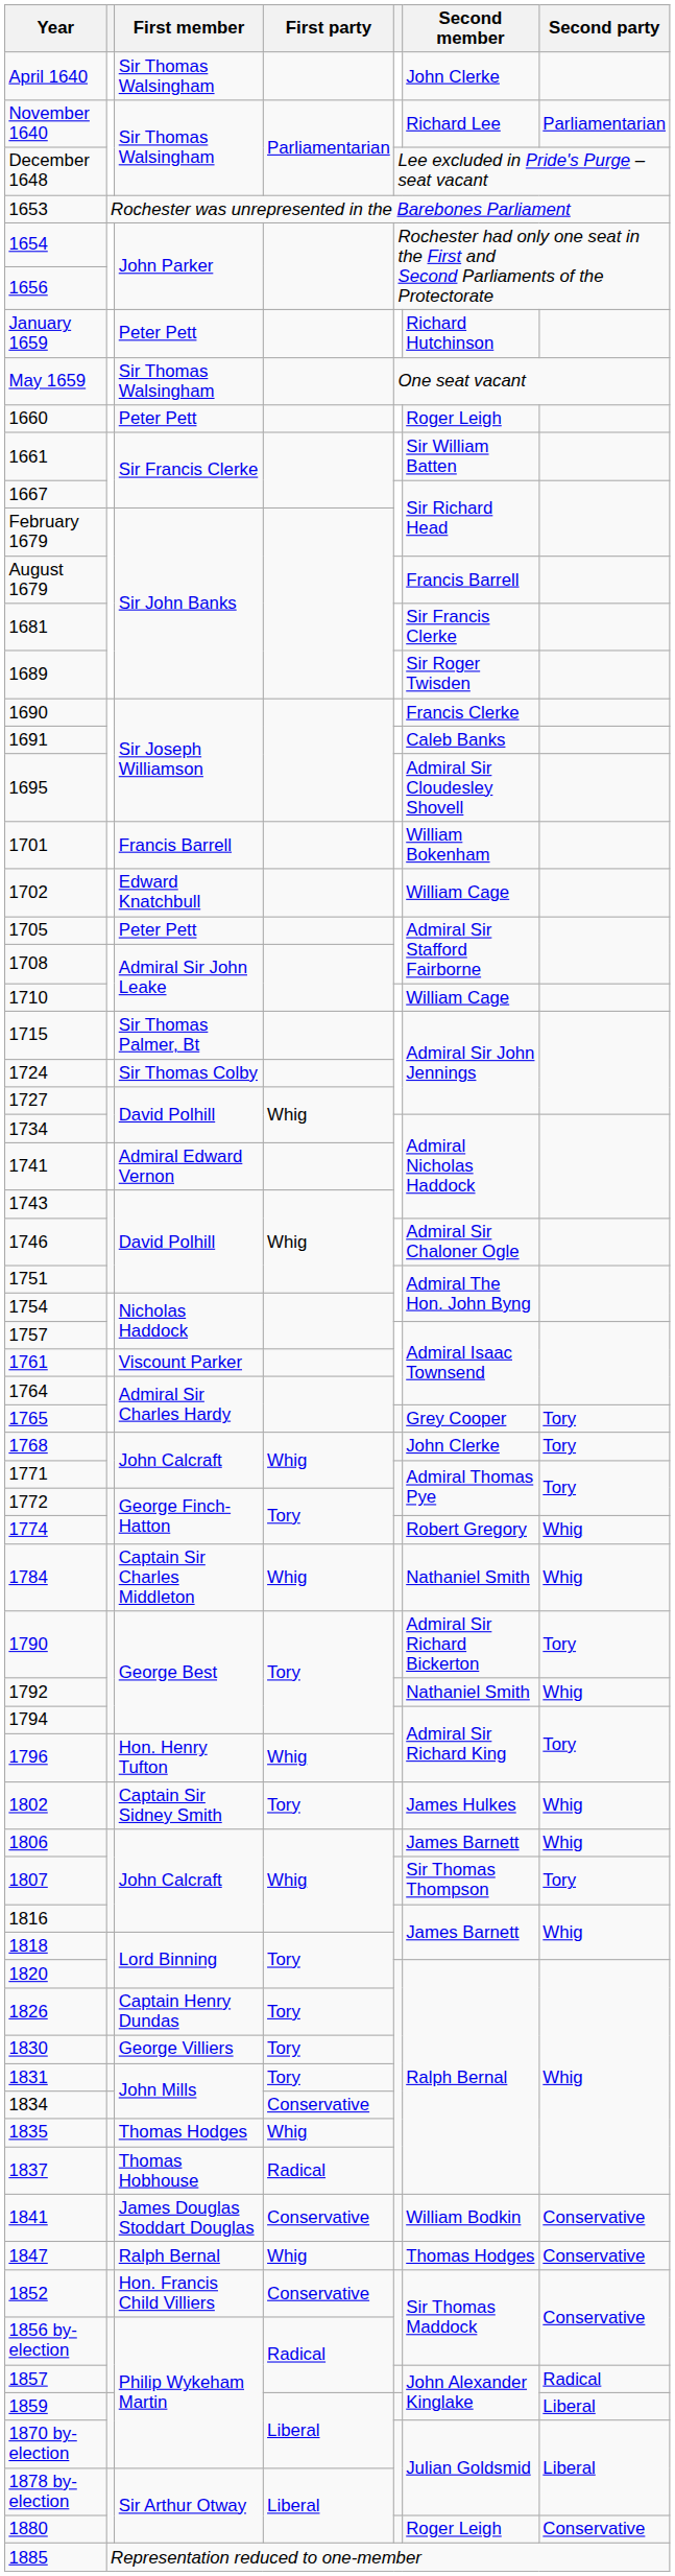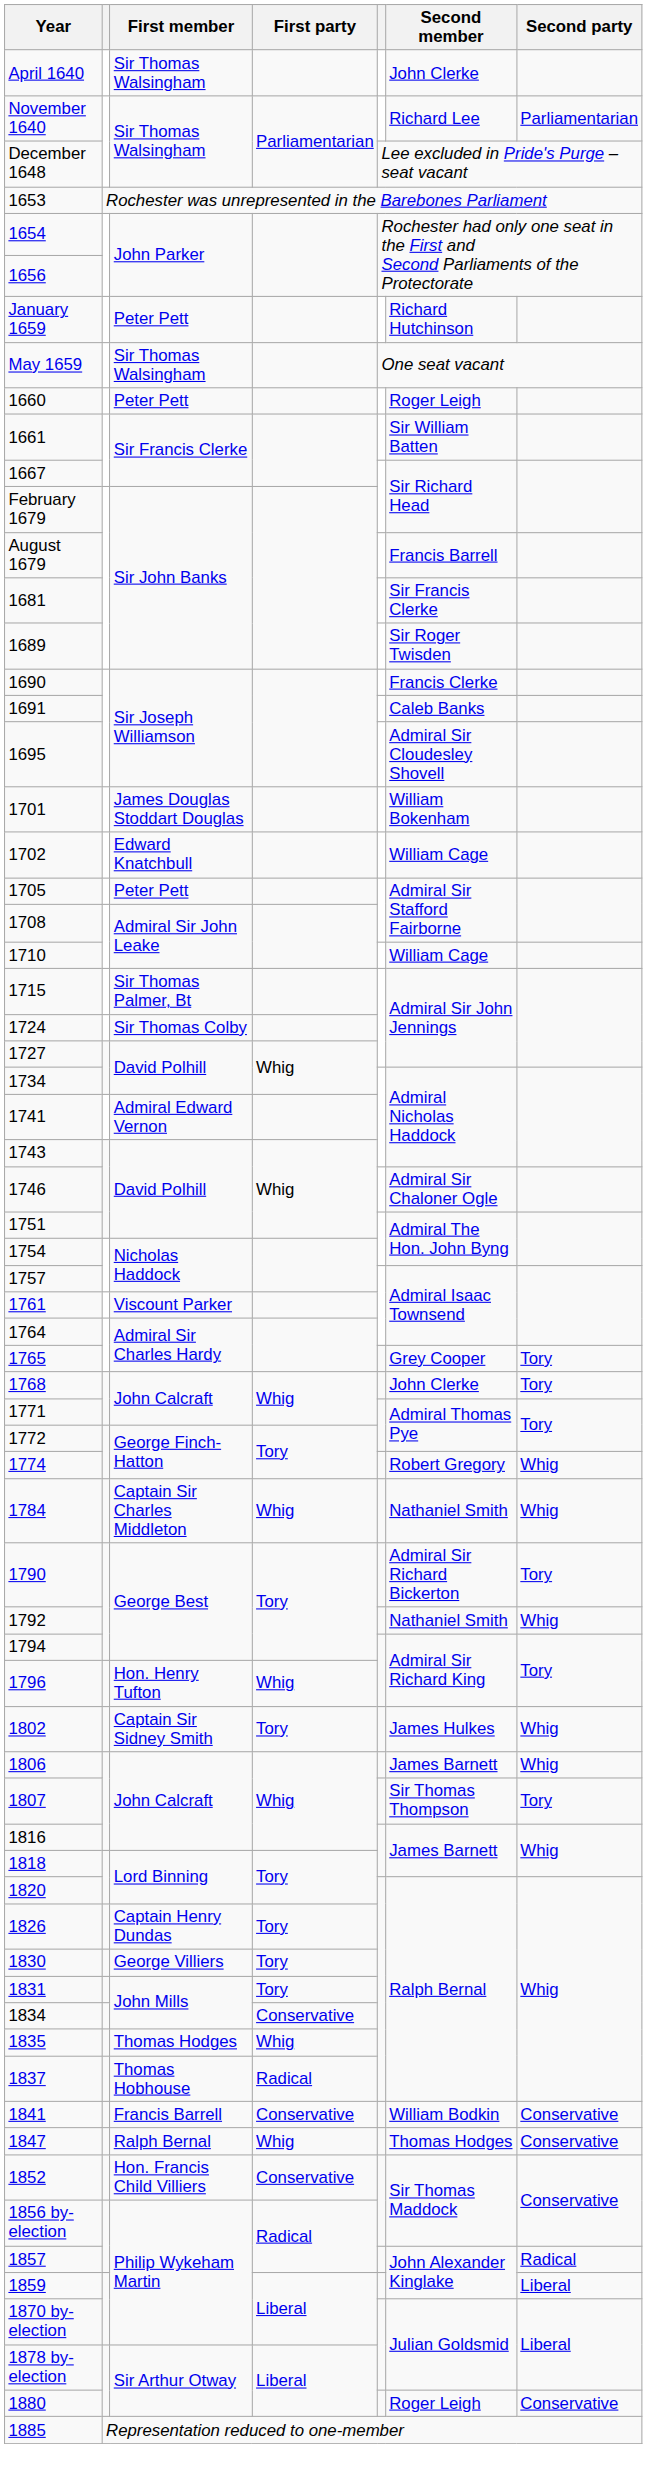 <table class="wikitable">
 <tr>
 <th>Year</th>
 <th></th>
 <th>First member</th>
 <th>First party</th>
 <th></th>
 <th>Second member</th>
 <th>Second party</th>
 </tr>
 <tr>
 <td><a href='#'>April 1640</a></td>
 <td style="color:inherit;background-color: white"></td>
 <td><a href='#'>Sir Thomas Walsingham</a></td>
 <td></td>
 <td style="color:inherit;background-color: white"></td>
 <td><a href='#'>John Clerke</a></td>
 <td></td>
 </tr>
 <tr>
 <td><a href='#'>November 1640</a></td>
 <td rowspan="2" style="color:inherit;background-color: white"></td>
 <td rowspan="2"><a href='#'>Sir Thomas Walsingham</a></td>
 <td rowspan="2"><a href='#'>Parliamentarian</a></td>
 <td style="color:inherit;background-color: white"></td>
 <td><a href='#'>Richard Lee</a></td>
 <td><a href='#'>Parliamentarian</a></td>
 </tr>
 <tr>
 <td>December 1648</td>
 <td colspan="3"><em>Lee excluded in <a href='#'>Pride's Purge</a> – seat vacant</em></td>
 </tr>
 <tr>
 <td>1653</td>
 <td colspan="6"><em>Rochester was unrepresented in the <a href='#'>Barebones Parliament</a></em></td>
 </tr>
 <tr>
 <td><a href='#'>1654</a></td>
 <td rowspan="2" style="color:inherit;background-color: white"></td>
 <td rowspan="2"><a href='#'>John Parker</a></td>
 <td rowspan="2"></td>
 <td rowspan="2" colspan="3"><em>Rochester had only one seat in the <a href='#'>First</a> and <br><a href='#'>Second</a> Parliaments of the Protectorate</em></td>
 </tr>
 <tr>
 <td><a href='#'>1656</a></td>
 </tr>
 <tr>
 <td><a href='#'>January 1659</a></td>
 <td style="color:inherit;background-color: white"></td>
 <td><a href='#'>Peter Pett</a></td>
 <td></td>
 <td style="color:inherit;background-color: white"></td>
 <td><a href='#'>Richard Hutchinson</a></td>
 <td></td>
 </tr>
 <tr>
 <td><a href='#'>May 1659</a></td>
 <td style="color:inherit;background-color: white"></td>
 <td><a href='#'>Sir Thomas Walsingham</a></td>
 <td></td>
 <td colspan="3"><em>One seat vacant</em></td>
 </tr>
 <tr>
 <td>1660</td>
 <td style="color:inherit;background-color: white"></td>
 <td><a href='#'>Peter Pett</a></td>
 <td></td>
 <td style="color:inherit;background-color: white"></td>
 <td><a href='#'>Roger Leigh</a></td>
 <td></td>
 </tr>
 <tr>
 <td>1661</td>
 <td rowspan="2" style="color:inherit;background-color: white"></td>
 <td rowspan="2"><a href='#'>Sir Francis Clerke</a></td>
 <td rowspan="2"></td>
 <td style="color:inherit;background-color: white"></td>
 <td><a href='#'>Sir William Batten</a></td>
 <td></td>
 </tr>
 <tr>
 <td>1667</td>
 <td rowspan="2" style="color:inherit;background-color: white"></td>
 <td rowspan="2"><a href='#'>Sir Richard Head</a></td>
 <td rowspan="2"></td>
 </tr>
 <tr>
 <td>February 1679</td>
 <td rowspan="4" style="color:inherit;background-color: white"></td>
 <td rowspan="4"><a href='#'>Sir John Banks</a></td>
 <td rowspan="4"></td>
 </tr>
 <tr>
 <td>August 1679</td>
 <td style="color:inherit;background-color: white"></td>
 <td><a href='#'>Francis Barrell</a></td>
 <td></td>
 </tr>
 <tr>
 <td>1681</td>
 <td style="color:inherit;background-color: white"></td>
 <td><a href='#'>Sir Francis Clerke</a></td>
 <td></td>
 </tr>
 <tr>
 <td>1689</td>
 <td style="color:inherit;background-color: white"></td>
 <td><a href='#'>Sir Roger Twisden</a></td>
 <td></td>
 </tr>
 <tr>
 <td>1690</td>
 <td rowspan="3" style="color:inherit;background-color: white"></td>
 <td rowspan="3"><a href='#'>Sir Joseph Williamson</a></td>
 <td rowspan="3"></td>
 <td style="color:inherit;background-color: white"></td>
 <td><a href='#'>Francis Clerke</a></td>
 <td></td>
 </tr>
 <tr>
 <td>1691</td>
 <td style="color:inherit;background-color: white"></td>
 <td><a href='#'>Caleb Banks</a></td>
 <td></td>
 </tr>
 <tr>
 <td>1695</td>
 <td style="color:inherit;background-color: white"></td>
 <td><a href='#'>Admiral Sir Cloudesley Shovell</a></td>
 <td></td>
 </tr>
 <tr>
 <td>1701</td>
 <td style="color:inherit;background-color: white"></td>
-<td><a href='#'>Francis Barrell</a></td>
+<td><a href='#'>James Douglas Stoddart Douglas</a></td>
 <td></td>
 <td style="color:inherit;background-color: white"></td>
 <td><a href='#'>William Bokenham</a></td>
 <td></td>
 </tr>
 <tr>
 <td>1702</td>
 <td style="color:inherit;background-color: white"></td>
 <td><a href='#'>Edward Knatchbull</a></td>
 <td></td>
 <td style="color:inherit;background-color: white"></td>
 <td><a href='#'>William Cage</a></td>
 <td></td>
 </tr>
 <tr>
 <td>1705</td>
 <td style="color:inherit;background-color: white"></td>
 <td><a href='#'>Peter Pett</a></td>
 <td></td>
 <td rowspan="2" style="color:inherit;background-color: white"></td>
 <td rowspan="2"><a href='#'>Admiral Sir Stafford Fairborne</a></td>
 <td rowspan="2"></td>
 </tr>
 <tr>
 <td>1708</td>
 <td rowspan="2" style="color:inherit;background-color: white"></td>
 <td rowspan="2"><a href='#'>Admiral Sir John Leake</a></td>
 <td rowspan="2"></td>
 </tr>
 <tr>
 <td>1710</td>
 <td style="color:inherit;background-color: white"></td>
 <td><a href='#'>William Cage</a></td>
 <td></td>
 </tr>
 <tr>
 <td>1715</td>
 <td style="color:inherit;background-color: white"></td>
 <td><a href='#'>Sir Thomas Palmer, Bt</a></td>
 <td></td>
 <td rowspan="3" style="color:inherit;background-color: white"></td>
 <td rowspan="3"><a href='#'>Admiral Sir John Jennings</a></td>
 <td rowspan="3"></td>
 </tr>
 <tr>
 <td>1724</td>
 <td style="color:inherit;background-color: white"></td>
 <td><a href='#'>Sir Thomas Colby</a></td>
 <td></td>
 </tr>
 <tr>
 <td>1727</td>
 <td rowspan="2" style="color:inherit;background-color: "></td>
 <td rowspan="2"><a href='#'>David Polhill</a></td>
 <td rowspan="2">Whig</td>
 </tr>
 <tr>
 <td>1734</td>
 <td rowspan="3" style="color:inherit;background-color: white"></td>
 <td rowspan="3"><a href='#'>Admiral Nicholas Haddock</a></td>
 <td rowspan="3"></td>
 </tr>
 <tr>
 <td>1741</td>
 <td style="color:inherit;background-color: white"></td>
 <td><a href='#'>Admiral Edward Vernon</a></td>
 <td></td>
 </tr>
 <tr>
 <td>1743</td>
 <td rowspan="3" style="color:inherit;background-color: "></td>
 <td rowspan="3"><a href='#'>David Polhill</a></td>
 <td rowspan="3">Whig</td>
 </tr>
 <tr>
 <td>1746</td>
 <td style="color:inherit;background-color: white"></td>
 <td><a href='#'>Admiral Sir Chaloner Ogle</a></td>
 <td></td>
 </tr>
 <tr>
 <td>1751</td>
 <td rowspan="2" style="color:inherit;background-color: white"></td>
 <td rowspan="2"><a href='#'>Admiral The Hon. John Byng</a></td>
 <td rowspan="2"></td>
 </tr>
 <tr>
 <td>1754</td>
 <td rowspan="2" style="color:inherit;background-color: white"></td>
 <td rowspan="2"><a href='#'>Nicholas Haddock</a></td>
 <td rowspan="2"></td>
 </tr>
 <tr>
 <td>1757</td>
 <td rowspan="3" style="color:inherit;background-color: white"></td>
 <td rowspan="3"><a href='#'>Admiral Isaac Townsend</a></td>
 <td rowspan="3"></td>
 </tr>
 <tr>
 <td><a href='#'>1761</a></td>
 <td style="color:inherit;background-color: white"></td>
 <td><a href='#'>Viscount Parker</a></td>
 <td></td>
 </tr>
 <tr>
 <td>1764</td>
 <td rowspan="2" style="color:inherit;background-color: white"></td>
 <td rowspan="2"><a href='#'>Admiral Sir Charles Hardy</a></td>
 <td rowspan="2"></td>
 </tr>
 <tr>
 <td><a href='#'>1765</a></td>
 <td style="color:inherit;background-color: "></td>
 <td><a href='#'>Grey Cooper</a></td>
 <td><a href='#'>Tory</a></td>
 </tr>
 <tr>
 <td><a href='#'>1768</a></td>
 <td rowspan="2" style="color:inherit;background-color: "></td>
 <td rowspan="2"><a href='#'>John Calcraft</a></td>
 <td rowspan="2"><a href='#'>Whig</a></td>
 <td style="color:inherit;background-color: "></td>
 <td><a href='#'>John Clerke</a></td>
 <td><a href='#'>Tory</a></td>
 </tr>
 <tr>
 <td>1771</td>
 <td rowspan="2" style="color:inherit;background-color: "></td>
 <td rowspan="2"><a href='#'>Admiral Thomas Pye</a></td>
 <td rowspan="2"><a href='#'>Tory</a></td>
 </tr>
 <tr>
 <td>1772</td>
 <td rowspan="2" style="color:inherit;background-color: "></td>
 <td rowspan="2"><a href='#'>George Finch-Hatton</a></td>
 <td rowspan="2"><a href='#'>Tory</a></td>
 </tr>
 <tr>
 <td><a href='#'>1774</a></td>
 <td style="color:inherit;background-color: "></td>
 <td><a href='#'>Robert Gregory</a></td>
 <td><a href='#'>Whig</a></td>
 </tr>
 <tr>
 <td><a href='#'>1784</a></td>
 <td style="color:inherit;background-color: "></td>
 <td><a href='#'>Captain Sir Charles Middleton</a></td>
 <td><a href='#'>Whig</a></td>
 <td style="color:inherit;background-color: "></td>
 <td><a href='#'>Nathaniel Smith</a></td>
 <td><a href='#'>Whig</a></td>
 </tr>
 <tr>
 <td><a href='#'>1790</a></td>
 <td rowspan="3" style="color:inherit;background-color: "></td>
 <td rowspan="3"><a href='#'>George Best</a></td>
 <td rowspan="3"><a href='#'>Tory</a></td>
 <td style="color:inherit;background-color: "></td>
 <td><a href='#'>Admiral Sir Richard Bickerton</a></td>
 <td><a href='#'>Tory</a></td>
 </tr>
 <tr>
 <td>1792</td>
 <td style="color:inherit;background-color: "></td>
 <td><a href='#'>Nathaniel Smith</a></td>
 <td><a href='#'>Whig</a></td>
 </tr>
 <tr>
 <td>1794</td>
 <td rowspan="2" style="color:inherit;background-color: "></td>
 <td rowspan="2"><a href='#'>Admiral Sir Richard King</a></td>
 <td rowspan="2"><a href='#'>Tory</a></td>
 </tr>
 <tr>
 <td><a href='#'>1796</a></td>
 <td style="color:inherit;background-color: "></td>
 <td><a href='#'>Hon. Henry Tufton</a></td>
 <td><a href='#'>Whig</a></td>
 </tr>
 <tr>
 <td><a href='#'>1802</a></td>
 <td style="color:inherit;background-color: "></td>
 <td><a href='#'>Captain Sir Sidney Smith</a></td>
 <td><a href='#'>Tory</a></td>
 <td style="color:inherit;background-color: "></td>
 <td><a href='#'>James Hulkes</a></td>
 <td><a href='#'>Whig</a></td>
 </tr>
 <tr>
 <td><a href='#'>1806</a></td>
 <td rowspan="3" style="color:inherit;background-color: "></td>
 <td rowspan="3"><a href='#'>John Calcraft</a></td>
 <td rowspan="3"><a href='#'>Whig</a></td>
 <td style="color:inherit;background-color: "></td>
 <td><a href='#'>James Barnett</a></td>
 <td><a href='#'>Whig</a></td>
 </tr>
 <tr>
 <td><a href='#'>1807</a></td>
 <td style="color:inherit;background-color: "></td>
 <td><a href='#'>Sir Thomas Thompson</a></td>
 <td><a href='#'>Tory</a></td>
 </tr>
 <tr>
 <td>1816</td>
 <td rowspan="2" style="color:inherit;background-color: "></td>
 <td rowspan="2"><a href='#'>James Barnett</a></td>
 <td rowspan="2"><a href='#'>Whig</a></td>
 </tr>
 <tr>
 <td><a href='#'>1818</a></td>
 <td rowspan="2" style="color:inherit;background-color: "></td>
 <td rowspan="2"><a href='#'>Lord Binning</a></td>
 <td rowspan="2"><a href='#'>Tory</a></td>
 </tr>
 <tr>
 <td><a href='#'>1820</a></td>
 <td rowspan="7" style="color:inherit;background-color: "></td>
 <td rowspan="7"><a href='#'>Ralph Bernal</a></td>
 <td rowspan="7"><a href='#'>Whig</a></td>
 </tr>
 <tr>
 <td><a href='#'>1826</a></td>
 <td style="color:inherit;background-color: "></td>
 <td><a href='#'>Captain Henry Dundas</a></td>
 <td><a href='#'>Tory</a></td>
 </tr>
 <tr>
 <td><a href='#'>1830</a></td>
 <td style="color:inherit;background-color: "></td>
 <td><a href='#'>George Villiers</a></td>
 <td><a href='#'>Tory</a></td>
 </tr>
 <tr>
 <td><a href='#'>1831</a></td>
 <td style="color:inherit;background-color: "></td>
 <td rowspan="2"><a href='#'>John Mills</a></td>
 <td><a href='#'>Tory</a></td>
 </tr>
 <tr>
 <td>1834</td>
 <td style="color:inherit;background-color: "></td>
 <td><a href='#'>Conservative</a></td>
 </tr>
 <tr>
 <td><a href='#'>1835</a></td>
 <td style="color:inherit;background-color: "></td>
 <td><a href='#'>Thomas Hodges</a></td>
 <td><a href='#'>Whig</a></td>
 </tr>
 <tr>
 <td><a href='#'>1837</a></td>
 <td style="color:inherit;background-color: "></td>
 <td><a href='#'>Thomas Hobhouse</a></td>
 <td><a href='#'>Radical</a></td>
 </tr>
 <tr>
 <td><a href='#'>1841</a></td>
 <td style="color:inherit;background-color: "></td>
-<td><a href='#'>James Douglas Stoddart Douglas</a></td>
+<td><a href='#'>Francis Barrell</a></td>
 <td><a href='#'>Conservative</a></td>
 <td style="color:inherit;background-color: "></td>
 <td><a href='#'>William Bodkin</a></td>
 <td><a href='#'>Conservative</a></td>
 </tr>
 <tr>
 <td><a href='#'>1847</a></td>
 <td style="color:inherit;background-color: "></td>
 <td><a href='#'>Ralph Bernal</a></td>
 <td><a href='#'>Whig</a></td>
 <td style="color:inherit;background-color: "></td>
 <td><a href='#'>Thomas Hodges</a></td>
 <td><a href='#'>Conservative</a></td>
 </tr>
 <tr>
 <td><a href='#'>1852</a></td>
 <td style="color:inherit;background-color: "></td>
 <td><a href='#'>Hon. Francis Child Villiers</a></td>
 <td><a href='#'>Conservative</a></td>
 <td rowspan="2" style="color:inherit;background-color: "></td>
 <td rowspan="2"><a href='#'>Sir Thomas Maddock</a></td>
 <td rowspan="2"><a href='#'>Conservative</a></td>
 </tr>
 <tr>
 <td><a href='#'>1856 by-election</a></td>
 <td rowspan="2" style="color:inherit;background-color: "></td>
 <td rowspan="4"><a href='#'>Philip Wykeham Martin</a></td>
 <td rowspan="2"><a href='#'>Radical</a></td>
 </tr>
 <tr>
 <td><a href='#'>1857</a></td>
 <td style="color:inherit;background-color: "></td>
 <td rowspan=2><a href='#'>John Alexander Kinglake</a></td>
 <td><a href='#'>Radical</a></td>
 </tr>
 <tr>
 <td><a href='#'>1859</a></td>
 <td rowspan="2" style="color:inherit;background-color: "></td>
 <td rowspan="2"><a href='#'>Liberal</a></td>
 <td style="color:inherit;background-color: "></td>
 <td><a href='#'>Liberal</a></td>
 </tr>
 <tr>
 <td><a href='#'>1870 by-election</a></td>
 <td rowspan="2" style="color:inherit;background-color: "></td>
 <td rowspan="2"><a href='#'>Julian Goldsmid</a></td>
 <td rowspan="2"><a href='#'>Liberal</a></td>
 </tr>
 <tr>
 <td><a href='#'>1878 by-election</a></td>
 <td rowspan="2" style="color:inherit;background-color: "></td>
 <td rowspan="2"><a href='#'>Sir Arthur Otway</a></td>
 <td rowspan="2"><a href='#'>Liberal</a></td>
 </tr>
 <tr>
 <td><a href='#'>1880</a></td>
 <td style="color:inherit;background-color: "></td>
 <td><a href='#'>Roger Leigh</a></td>
 <td><a href='#'>Conservative</a></td>
 </tr>
 <tr>
 <td><a href='#'>1885</a></td>
 <td colspan="6"><em>Representation reduced to one-member</em></td>
 </tr>
 </table>
